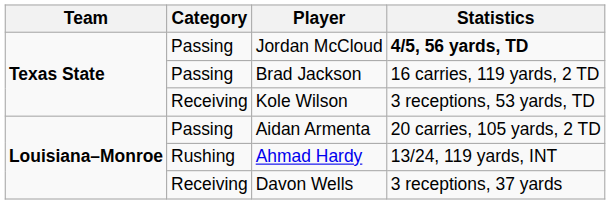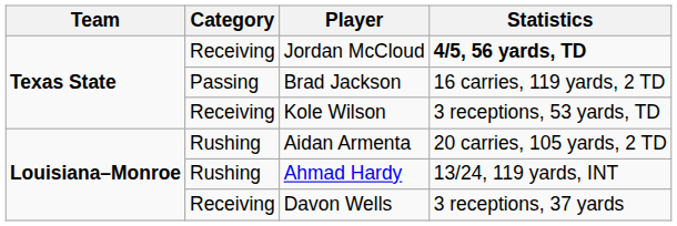 <table class="wikitable" style="float: right;">
 <tr>
 <th>Team</th>
 <th>Category</th>
 <th>Player</th>
 <th>Statistics</th>
 </tr>
 <tr>
 <td rowspan=3><strong>Texas State</strong></td>
-<td>Passing</td>
+<td>Receiving</td>
 <td>Jordan McCloud</td>
 <td><strong>4/5, 56 yards, TD</strong></td>
 </tr>
 <tr>
 <td>Passing</td>
 <td>Brad Jackson</td>
 <td>16 carries, 119 yards, 2 TD</td>
 </tr>
 <tr>
 <td>Receiving</td>
 <td>Kole Wilson</td>
 <td>3 receptions, 53 yards, TD</td>
 </tr>
 <tr>
 <td rowspan=3><strong>Louisiana–Monroe</strong></td>
-<td>Passing</td>
+<td>Rushing</td>
 <td>Aidan Armenta</td>
 <td>20 carries, 105 yards, 2 TD</td>
 </tr>
 <tr>
 <td>Rushing</td>
 <td><a href='#'>Ahmad Hardy</a></td>
 <td>13/24, 119 yards, INT</td>
 </tr>
 <tr>
 <td>Receiving</td>
 <td>Davon Wells</td>
 <td>3 receptions, 37 yards</td>
 </tr>
 </table>
